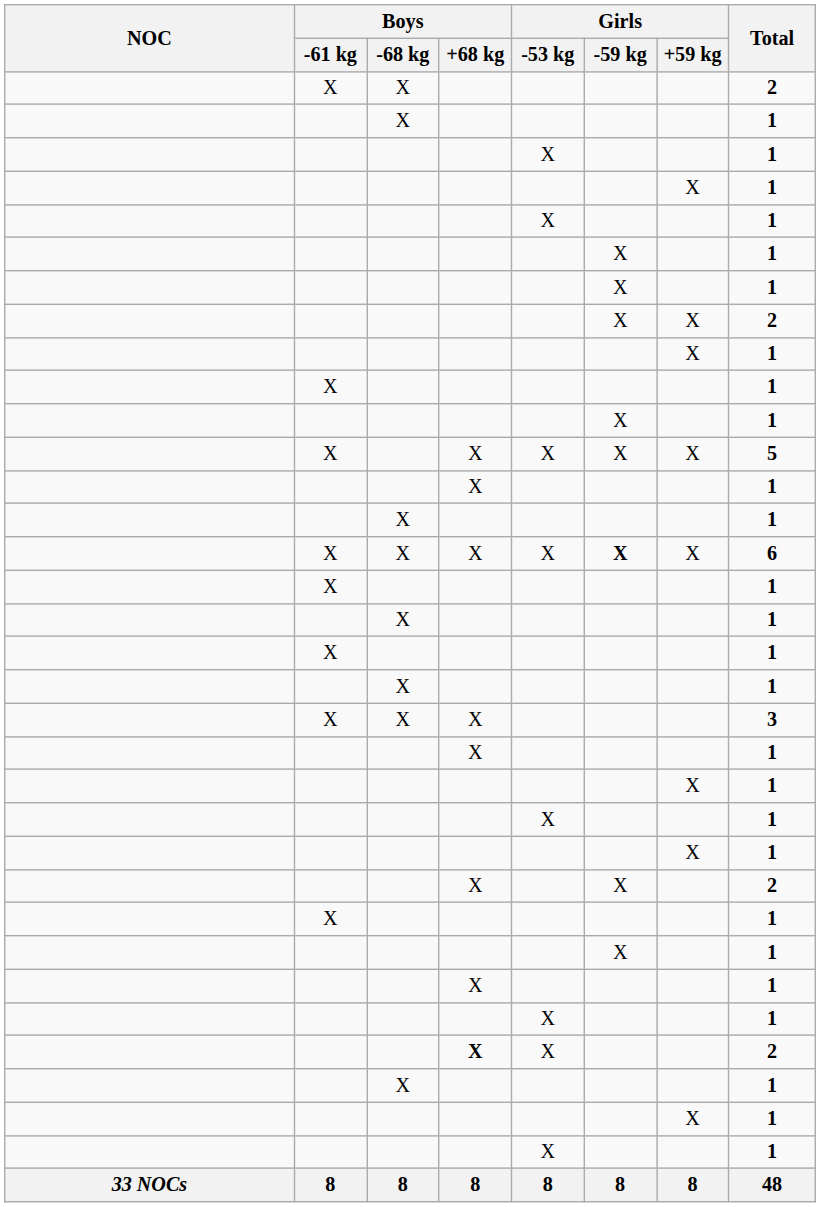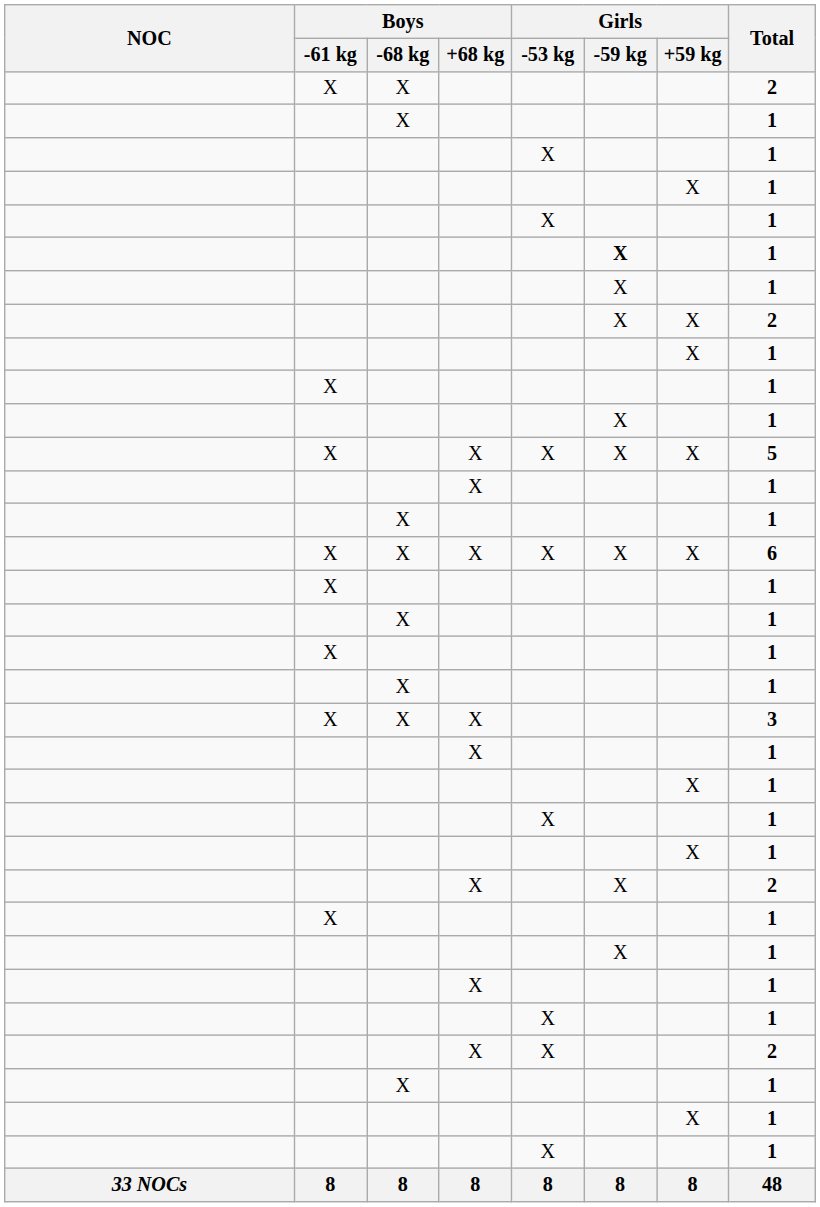 <table class="wikitable sortable" style="text-align:center; font-size:90%">
 <tr>
 <th rowspan="2" width="200" align="left">NOC</th>
 <th colspan="3">Boys</th>
 <th colspan="3">Girls</th>
 <th rowspan="2" width="55">Total</th>
 </tr>
 <tr>
 <th width="45">-61 kg</th>
 <th width="45">-68 kg</th>
 <th width="45">+68 kg</th>
 <th width="45">-53 kg</th>
 <th width="45">-59 kg</th>
 <th width="45">+59 kg</th>
 </tr>
 <tr>
 <td align="left"></td>
 <td>X</td>
 <td>X</td>
 <td></td>
 <td></td>
 <td></td>
 <td></td>
 <td><strong>2</strong></td>
 </tr>
 <tr>
 <td align="left"></td>
 <td></td>
 <td>X</td>
 <td></td>
 <td></td>
 <td></td>
 <td></td>
 <td><strong>1</strong></td>
 </tr>
 <tr>
 <td align="left"></td>
 <td></td>
 <td></td>
 <td></td>
 <td>X</td>
 <td></td>
 <td></td>
 <td><strong>1</strong></td>
 </tr>
 <tr>
 <td align="left"></td>
 <td></td>
 <td></td>
 <td></td>
 <td></td>
 <td></td>
 <td>X</td>
 <td><strong>1</strong></td>
 </tr>
 <tr>
 <td align="left"></td>
 <td></td>
 <td></td>
 <td></td>
 <td>X</td>
 <td></td>
 <td></td>
 <td><strong>1</strong></td>
 </tr>
 <tr>
 <td align="left"></td>
 <td></td>
 <td></td>
 <td></td>
 <td></td>
-<td>X</td>
+<td><strong>X</strong></td>
 <td></td>
 <td><strong>1</strong></td>
 </tr>
 <tr>
 <td align="left"></td>
 <td></td>
 <td></td>
 <td></td>
 <td></td>
 <td>X</td>
 <td></td>
 <td><strong>1</strong></td>
 </tr>
 <tr>
 <td align="left"></td>
 <td></td>
 <td></td>
 <td></td>
 <td></td>
 <td>X</td>
 <td>X</td>
 <td><strong>2</strong></td>
 </tr>
 <tr>
 <td align="left"></td>
 <td></td>
 <td></td>
 <td></td>
 <td></td>
 <td></td>
 <td>X</td>
 <td><strong>1</strong></td>
 </tr>
 <tr>
 <td align="left"></td>
 <td>X</td>
 <td></td>
 <td></td>
 <td></td>
 <td></td>
 <td></td>
 <td><strong>1</strong></td>
 </tr>
 <tr>
 <td align="left"></td>
 <td></td>
 <td></td>
 <td></td>
 <td></td>
 <td>X</td>
 <td></td>
 <td><strong>1</strong></td>
 </tr>
 <tr>
 <td align="left"></td>
 <td>X</td>
 <td></td>
 <td>X</td>
 <td>X</td>
 <td>X</td>
 <td>X</td>
 <td><strong>5</strong></td>
 </tr>
 <tr>
 <td align="left"></td>
 <td></td>
 <td></td>
 <td>X</td>
 <td></td>
 <td></td>
 <td></td>
 <td><strong>1</strong></td>
 </tr>
 <tr>
 <td align="left"></td>
 <td></td>
 <td>X</td>
 <td></td>
 <td></td>
 <td></td>
 <td></td>
 <td><strong>1</strong></td>
 </tr>
 <tr>
 <td align="left"></td>
 <td>X</td>
 <td>X</td>
 <td>X</td>
 <td>X</td>
-<td><strong>X</strong></td>
+<td>X</td>
 <td>X</td>
 <td><strong>6</strong></td>
 </tr>
 <tr>
 <td align="left"></td>
 <td>X</td>
 <td></td>
 <td></td>
 <td></td>
 <td></td>
 <td></td>
 <td><strong>1</strong></td>
 </tr>
 <tr>
 <td align="left"></td>
 <td></td>
 <td>X</td>
 <td></td>
 <td></td>
 <td></td>
 <td></td>
 <td><strong>1</strong></td>
 </tr>
 <tr>
 <td align="left"></td>
 <td>X</td>
 <td></td>
 <td></td>
 <td></td>
 <td></td>
 <td></td>
 <td><strong>1</strong></td>
 </tr>
 <tr>
 <td align="left"></td>
 <td></td>
 <td>X</td>
 <td></td>
 <td></td>
 <td></td>
 <td></td>
 <td><strong>1</strong></td>
 </tr>
 <tr>
 <td align="left"></td>
 <td>X</td>
 <td>X</td>
 <td>X</td>
 <td></td>
 <td></td>
 <td></td>
 <td><strong>3</strong></td>
 </tr>
 <tr>
 <td align="left"></td>
 <td></td>
 <td></td>
 <td>X</td>
 <td></td>
 <td></td>
 <td></td>
 <td><strong>1</strong></td>
 </tr>
 <tr>
 <td align="left"></td>
 <td></td>
 <td></td>
 <td></td>
 <td></td>
 <td></td>
 <td>X</td>
 <td><strong>1</strong></td>
 </tr>
 <tr>
 <td align="left"></td>
 <td></td>
 <td></td>
 <td></td>
 <td>X</td>
 <td></td>
 <td></td>
 <td><strong>1</strong></td>
 </tr>
 <tr>
 <td align="left"></td>
 <td></td>
 <td></td>
 <td></td>
 <td></td>
 <td></td>
 <td>X</td>
 <td><strong>1</strong></td>
 </tr>
 <tr>
 <td align="left"></td>
 <td></td>
 <td></td>
 <td>X</td>
 <td></td>
 <td>X</td>
 <td></td>
 <td><strong>2</strong></td>
 </tr>
 <tr>
 <td align="left"></td>
 <td>X</td>
 <td></td>
 <td></td>
 <td></td>
 <td></td>
 <td></td>
 <td><strong>1</strong></td>
 </tr>
 <tr>
 <td align="left"></td>
 <td></td>
 <td></td>
 <td></td>
 <td></td>
 <td>X</td>
 <td></td>
 <td><strong>1</strong></td>
 </tr>
 <tr>
 <td align="left"></td>
 <td></td>
 <td></td>
 <td>X</td>
 <td></td>
 <td></td>
 <td></td>
 <td><strong>1</strong></td>
 </tr>
 <tr>
 <td align="left"></td>
 <td></td>
 <td></td>
 <td></td>
 <td>X</td>
 <td></td>
 <td></td>
 <td><strong>1</strong></td>
 </tr>
 <tr>
 <td align="left"></td>
 <td></td>
 <td></td>
-<td><strong>X</strong></td>
+<td>X</td>
 <td>X</td>
 <td></td>
 <td></td>
 <td><strong>2</strong></td>
 </tr>
 <tr>
 <td align="left"></td>
 <td></td>
 <td>X</td>
 <td></td>
 <td></td>
 <td></td>
 <td></td>
 <td><strong>1</strong></td>
 </tr>
 <tr>
 <td align="left"></td>
 <td></td>
 <td></td>
 <td></td>
 <td></td>
 <td></td>
 <td>X</td>
 <td><strong>1</strong></td>
 </tr>
 <tr>
 <td align="left"></td>
 <td></td>
 <td></td>
 <td></td>
 <td>X</td>
 <td></td>
 <td></td>
 <td><strong>1</strong></td>
 </tr>
 <tr>
 <th><em>33 NOCs</em></th>
 <th>8</th>
 <th>8</th>
 <th>8</th>
 <th>8</th>
 <th>8</th>
 <th>8</th>
 <th>48</th>
 </tr>
 </table>
